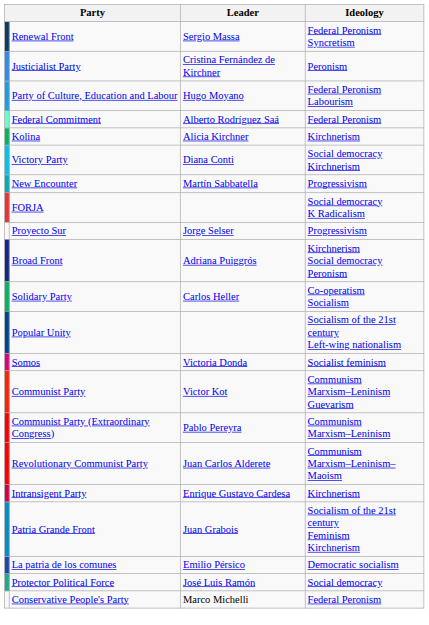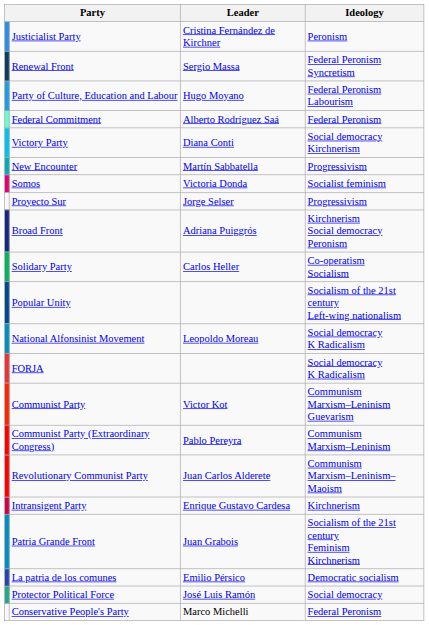 <table class="wikitable" style="font-size:95%">
 <tr>
 <th colspan=2>Party</th>
 <th>Leader</th>
 <th>Ideology</th>
 </tr>
 <tr>
+<td bgcolor="#318ce7"></td>
+<td><a href='#'>Justicialist Party</a></td>
+<td><a href='#'>Cristina Fernández de Kirchner</a></td>
+<td><a href='#'>Peronism</a></td>
+</tr>
+<tr>
 <td bgcolor="#0e3c61"></td>
 <td><a href='#'>Renewal Front</a></td>
 <td><a href='#'>Sergio Massa</a></td>
 <td><a href='#'>Federal Peronism</a><br><a href='#'>Syncretism</a></td>
-</tr>
-<tr>
-<td bgcolor="#318ce7"></td>
-<td><a href='#'>Justicialist Party</a></td>
-<td><a href='#'>Cristina Fernández de Kirchner</a></td>
-<td><a href='#'>Peronism</a></td>
 </tr>
 <tr>
 <td bgcolor="#1b9ee6"></td>
 <td><a href='#'>Party of Culture, Education and Labour</a></td>
 <td><a href='#'>Hugo Moyano</a></td>
 <td><a href='#'>Federal Peronism</a><br><a href='#'>Labourism</a></td>
 </tr>
 <tr>
 <td bgcolor="#66ffcc"></td>
 <td><a href='#'>Federal Commitment</a></td>
 <td><a href='#'>Alberto Rodríguez Saá</a></td>
 <td><a href='#'>Federal Peronism</a></td>
 </tr>
 <tr>
-<td bgcolor="#04b45f"></td>
-<td><a href='#'>Kolina</a></td>
-<td><a href='#'>Alicia Kirchner</a></td>
-<td><a href='#'>Kirchnerism</a></td>
-</tr>
-<tr>
 <td bgcolor="#00c4f0"></td>
 <td><a href='#'>Victory Party</a></td>
 <td><a href='#'>Diana Conti</a></td>
 <td><a href='#'>Social democracy</a><br><a href='#'>Kirchnerism</a></td>
 </tr>
 <tr>
 <td bgcolor="#03ACB6"></td>
 <td><a href='#'>New Encounter</a></td>
 <td><a href='#'>Martín Sabbatella</a></td>
 <td><a href='#'>Progressivism</a></td>
 </tr>
 <tr>
-<td bgcolor= "#ed3237"></td>
-<td><a href='#'>FORJA</a></td>
-<td></td>
-<td><a href='#'>Social democracy</a><br><a href='#'>K Radicalism</a></td>
+<td bgcolor="#e2007a"></td>
+<td><a href='#'>Somos</a></td>
+<td><a href='#'>Victoria Donda</a></td>
+<td><a href='#'>Socialist feminism</a></td>
 </tr>
 <tr>
 <td bgcolor=></td>
 <td><a href='#'>Proyecto Sur</a></td>
 <td><a href='#'>Jorge Selser</a></td>
 <td><a href='#'>Progressivism</a></td>
 </tr>
 <tr>
 <td bgcolor="#172683"></td>
 <td><a href='#'>Broad Front</a></td>
 <td><a href='#'>Adriana Puiggrós</a></td>
 <td><a href='#'>Kirchnerism</a><br><a href='#'>Social democracy</a><br><a href='#'>Peronism</a></td>
 </tr>
 <tr>
 <td bgcolor="#04b45f"></td>
 <td><a href='#'>Solidary Party</a></td>
 <td><a href='#'>Carlos Heller</a></td>
 <td><a href='#'>Co-operatism</a><br><a href='#'>Socialism</a></td>
 </tr>
 <tr>
 <td bgcolor=#00478F></td>
 <td><a href='#'>Popular Unity</a></td>
 <td></td>
 <td><a href='#'>Socialism of the 21st century</a><br><a href='#'>Left-wing nationalism</a></td>
 </tr>
 <tr>
-<td bgcolor="#e2007a"></td>
-<td><a href='#'>Somos</a></td>
-<td><a href='#'>Victoria Donda</a></td>
-<td><a href='#'>Socialist feminism</a></td>
+<td bgcolor="#008fc3"></td>
+<td><a href='#'>National Alfonsinist Movement</a></td>
+<td><a href='#'>Leopoldo Moreau</a></td>
+<td><a href='#'>Social democracy</a><br><a href='#'>K Radicalism</a></td>
+</tr>
+<tr>
+<td bgcolor= "#ed3237"></td>
+<td><a href='#'>FORJA</a></td>
+<td></td>
+<td><a href='#'>Social democracy</a><br><a href='#'>K Radicalism</a></td>
 </tr>
 <tr>
 <td bgcolor="#ff2400"></td>
 <td><a href='#'>Communist Party</a></td>
 <td><a href='#'>Victor Kot</a></td>
 <td><a href='#'>Communism</a><br><a href='#'>Marxism–Leninism</a><br><a href='#'>Guevarism</a></td>
 </tr>
 <tr>
 <td bgcolor=red></td>
 <td><a href='#'>Communist Party (Extraordinary Congress)</a></td>
 <td><a href='#'>Pablo Pereyra</a></td>
 <td><a href='#'>Communism</a><br><a href='#'>Marxism–Leninism</a></td>
 </tr>
 <tr>
 <td bgcolor=red></td>
 <td><a href='#'>Revolutionary Communist Party</a></td>
 <td><a href='#'>Juan Carlos Alderete</a></td>
 <td><a href='#'>Communism</a><br><a href='#'>Marxism–Leninism–Maoism</a></td>
 </tr>
 <tr>
 <td bgcolor="#d10047"></td>
 <td><a href='#'>Intransigent Party</a></td>
 <td><a href='#'>Enrique Gustavo Cardesa</a></td>
 <td><a href='#'>Kirchnerism</a></td>
 </tr>
 <tr>
 <td bgcolor="#008fc3"></td>
 <td><a href='#'>Patria Grande Front</a></td>
 <td><a href='#'>Juan Grabois</a></td>
 <td><a href='#'>Socialism of the 21st century</a><br><a href='#'>Feminism</a><br><a href='#'>Kirchnerism</a></td>
 </tr>
 <tr>
 <td bgcolor="#2243B6"></td>
 <td><a href='#'>La patria de los comunes</a></td>
 <td><a href='#'>Emilio Pérsico</a></td>
 <td><a href='#'>Democratic socialism</a></td>
 </tr>
 <tr>
 <td bgcolor="#1FAA89"></td>
 <td><a href='#'>Protector Political Force</a></td>
 <td><a href='#'>José Luis Ramón</a></td>
 <td><a href='#'>Social democracy</a></td>
 </tr>
 <tr>
 <td></td>
 <td><a href='#'>Conservative People's Party</a></td>
 <td>Marco Michelli</td>
 <td><a href='#'>Federal Peronism</a></td>
 </tr>
 </table>
